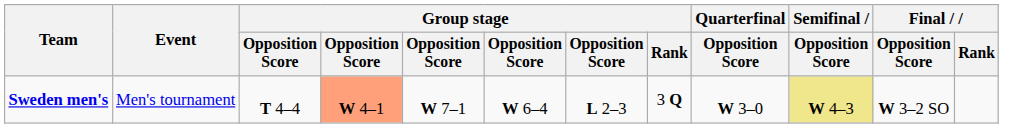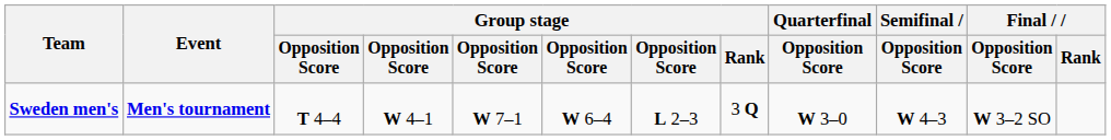 <table class="wikitable" style="font-size:90%">
 <tr>
 <th rowspan=2>Team</th>
 <th rowspan=2>Event</th>
 <th colspan=6>Group stage</th>
 <th>Quarterfinal</th>
 <th>Semifinal / </th>
 <th colspan=2>Final /  / </th>
 </tr>
 <tr style="font-size:95%">
 <th>Opposition<br>Score</th>
 <th>Opposition<br>Score</th>
 <th>Opposition<br>Score</th>
 <th>Opposition<br>Score</th>
 <th>Opposition<br>Score</th>
 <th>Rank</th>
 <th>Opposition<br>Score</th>
 <th>Opposition<br>Score</th>
 <th>Opposition<br>Score</th>
 <th>Rank</th>
 </tr>
 <tr align=center>
 <td align=left><strong><a href='#'>Sweden men's</a></strong></td>
-<td align=left><a href='#'>Men's tournament</a></td>
+<td align=left><strong><a href='#'>Men's tournament</a></strong></td>
 <td><br><strong>T</strong> 4–4</td>
-<td style="background: lightsalmon;"><br><strong>W</strong> 4–1</td>
+<td><br><strong>W</strong> 4–1</td>
 <td><br><strong>W</strong> 7–1</td>
 <td><br><strong>W</strong> 6–4</td>
 <td><br><strong>L</strong> 2–3</td>
 <td>3 <strong>Q</strong></td>
 <td><br><strong>W</strong> 3–0</td>
-<td style="background: khaki;"><br><strong>W</strong> 4–3</td>
+<td><br><strong>W</strong> 4–3</td>
 <td><br><strong>W</strong> 3–2 SO</td>
 <td></td>
 </tr>
 </table>
